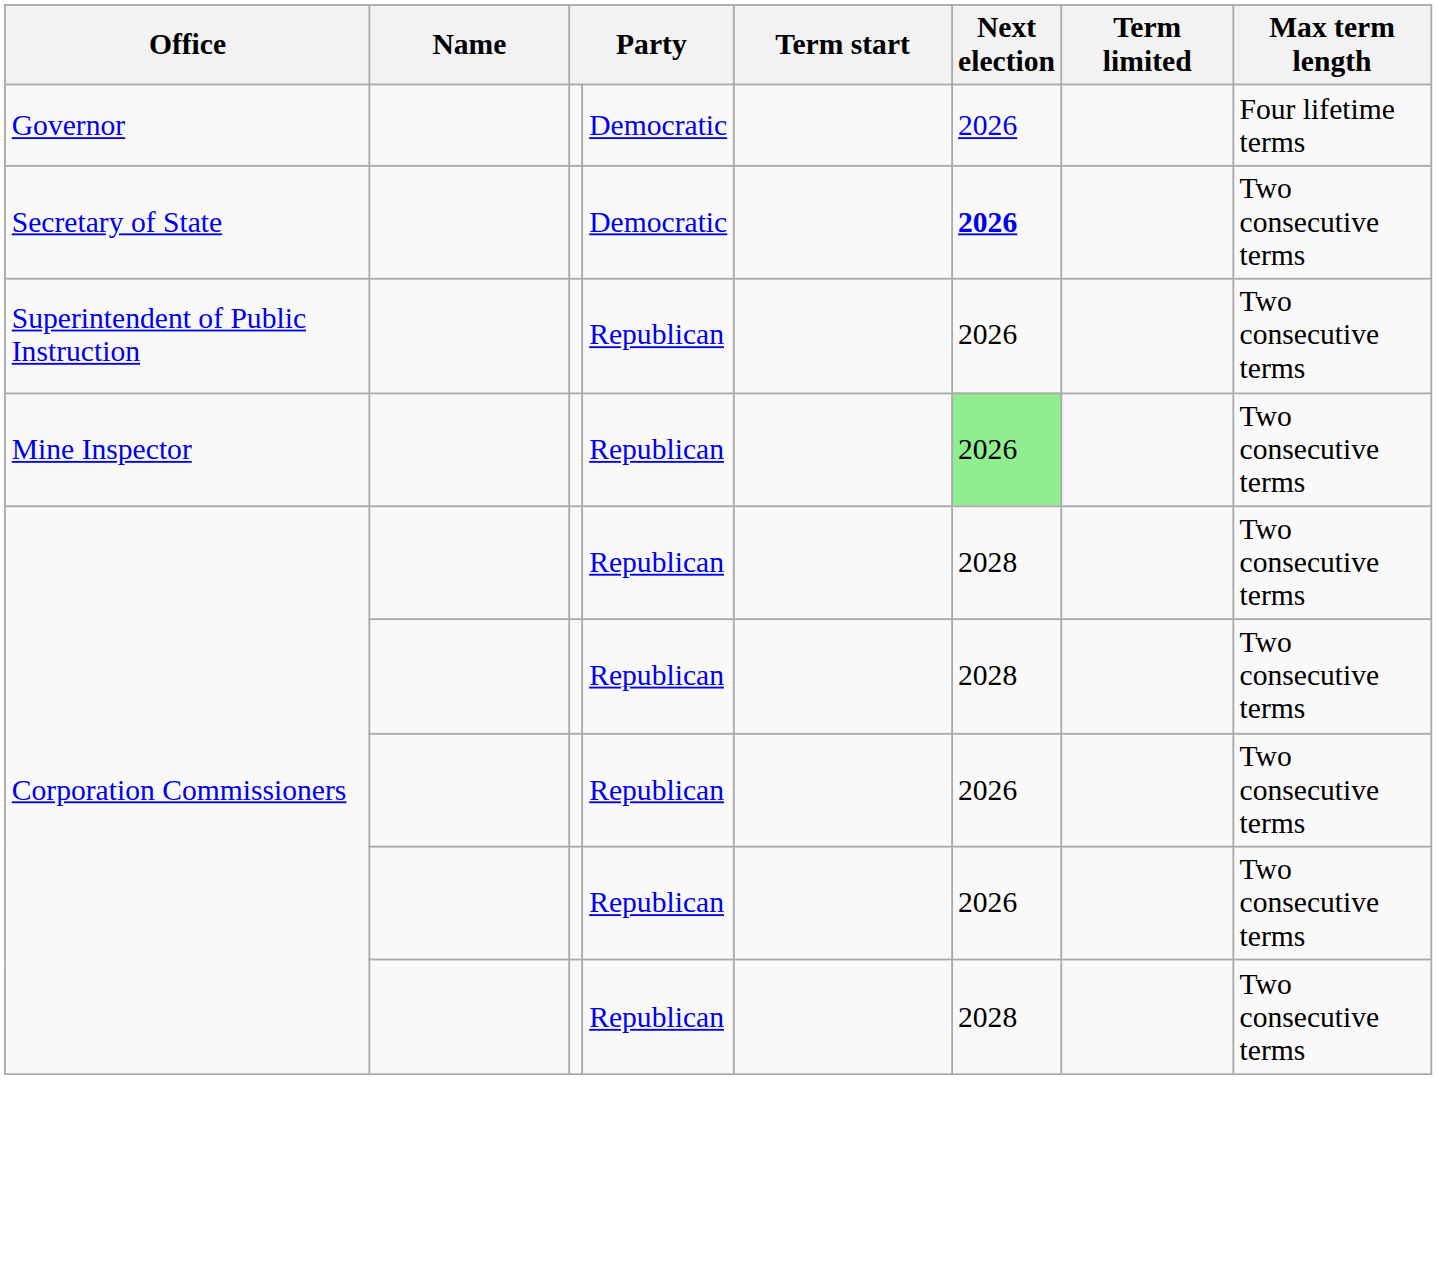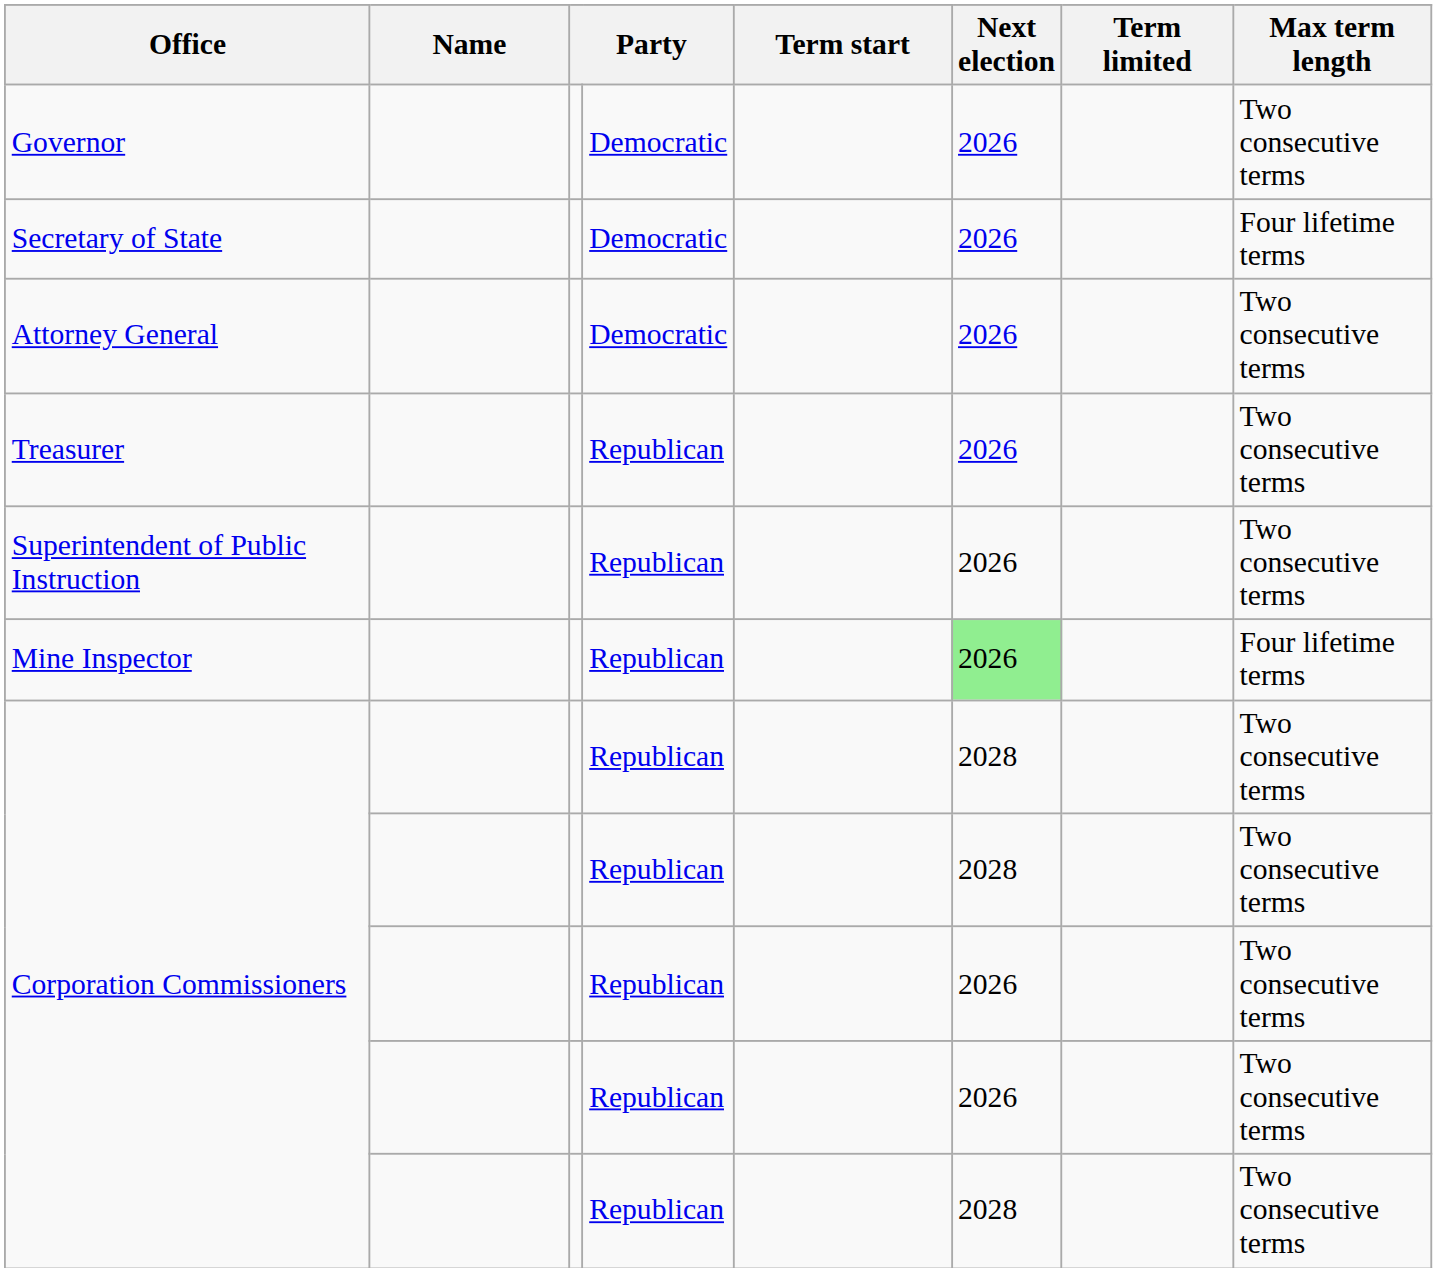 <table class="sortable wikitable">
 <tr>
 <th scope="col" width=190>Office</th>
 <th scope="col" width=100>Name</th>
 <th scope="col" width=75 colspan=2>Party</th>
 <th scope="col" width=110>Term start</th>
 <th scope="col" width=50>Next election</th>
 <th scope="col" width=85>Term limited</th>
 <th scope="col" width=100>Max term length</th>
 </tr>
 <tr>
 <td><a href='#'>Governor</a></td>
 <td></td>
 <td style="background-color:"></td>
 <td><a href='#'>Democratic</a></td>
 <td></td>
 <td><a href='#'>2026</a></td>
 <td></td>
-<td>Four lifetime terms</td>
+<td>Two consecutive terms</td>
 </tr>
 <tr>
 <td><a href='#'>Secretary of State</a></td>
 <td></td>
 <td style="background-color:"></td>
 <td><a href='#'>Democratic</a></td>
 <td></td>
-<td><strong><a href='#'>2026</a></strong></td>
+<td><a href='#'>2026</a></td>
+<td></td>
+<td>Four lifetime terms</td>
+</tr>
+<tr>
+<td><a href='#'>Attorney General</a></td>
+<td></td>
+<td style="background-color:"></td>
+<td><a href='#'>Democratic</a></td>
+<td></td>
+<td><a href='#'>2026</a></td>
+<td></td>
+<td>Two consecutive terms</td>
+</tr>
+<tr>
+<td><a href='#'>Treasurer</a></td>
+<td></td>
+<td style="background-color:"></td>
+<td><a href='#'>Republican</a></td>
+<td></td>
+<td><a href='#'>2026</a></td>
 <td></td>
 <td>Two consecutive terms</td>
 </tr>
 <tr>
 <td><a href='#'>Superintendent of Public Instruction</a></td>
 <td></td>
 <td style="background-color:"></td>
 <td><a href='#'>Republican</a></td>
 <td></td>
 <td>2026</td>
 <td></td>
 <td>Two consecutive terms</td>
 </tr>
 <tr>
 <td><a href='#'>Mine Inspector</a></td>
 <td></td>
 <td style="background-color:"></td>
 <td><a href='#'>Republican</a></td>
 <td></td>
 <td style="background: lightgreen;">2026</td>
 <td></td>
-<td>Two consecutive terms</td>
+<td>Four lifetime terms</td>
 </tr>
 <tr>
 <td rowspan=5><a href='#'>Corporation Commissioners</a></td>
 <td></td>
 <td style="background-color:"></td>
 <td><a href='#'>Republican</a></td>
 <td></td>
 <td>2028</td>
 <td></td>
 <td>Two consecutive terms</td>
 </tr>
 <tr>
 <td></td>
 <td style="background-color:"></td>
 <td><a href='#'>Republican</a></td>
 <td></td>
 <td>2028</td>
 <td></td>
 <td>Two consecutive terms</td>
 </tr>
 <tr>
 <td></td>
 <td style="background-color:"></td>
 <td><a href='#'>Republican</a></td>
 <td></td>
 <td>2026</td>
 <td></td>
 <td>Two consecutive terms</td>
 </tr>
 <tr>
 <td></td>
 <td style="background-color:"></td>
 <td><a href='#'>Republican</a></td>
 <td></td>
 <td>2026</td>
 <td></td>
 <td>Two consecutive terms</td>
 </tr>
 <tr>
 <td></td>
 <td style="background-color:"></td>
 <td><a href='#'>Republican</a></td>
 <td></td>
 <td>2028</td>
 <td></td>
 <td>Two consecutive terms</td>
 </tr>
 </table>
